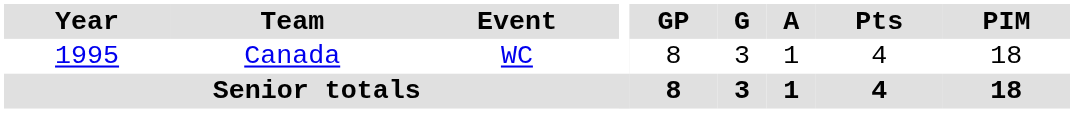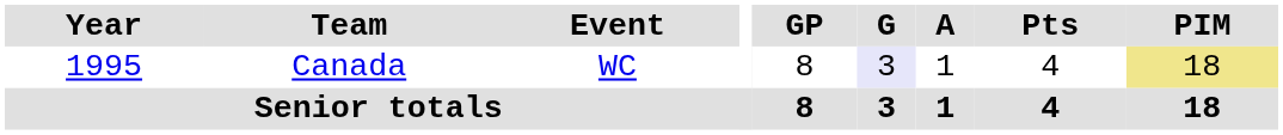 <table border="0" cellpadding="1" cellspacing="0" ID="Table3" style="text-align:center; width:40em">
 <tr bgcolor="#e0e0e0">
 <th>Year</th>
 <th>Team</th>
 <th>Event</th>
 <th rowspan="102" bgcolor="#ffffff"></th>
 <th>GP</th>
 <th>G</th>
 <th>A</th>
 <th>Pts</th>
 <th>PIM</th>
 </tr>
 <tr>
 <td><a href='#'>1995</a></td>
 <td><a href='#'>Canada</a></td>
 <td><a href='#'>WC</a></td>
 <td>8</td>
-<td>3</td>
+<td style="background: lavender;">3</td>
 <td>1</td>
 <td>4</td>
-<td>18</td>
+<td style="background: khaki;">18</td>
 </tr>
 <tr bgcolor="#e0e0e0">
 <th colspan="4">Senior totals</th>
 <th>8</th>
 <th>3</th>
 <th>1</th>
 <th>4</th>
 <th>18</th>
 </tr>
 </table>
